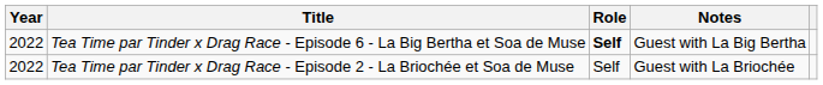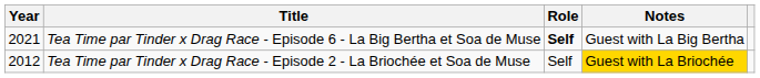 <table class="wikitable plainrowheaders sortable">
 <tr>
 <th scope="col">Year</th>
 <th scope="col">Title</th>
 <th scope="col">Role</th>
 <th scope="col">Notes</th>
 <th class="unsortable" style="text-align: center;"></th>
 </tr>
 <tr>
-<td>2022</td>
+<td>2021</td>
 <td><em>Tea Time par Tinder x Drag Race</em> - Episode 6 - La Big Bertha et Soa de Muse</td>
 <td><strong>Self</strong></td>
 <td>Guest with La Big Bertha</td>
 <td></td>
 </tr>
 <tr>
-<td>2022</td>
+<td>2012</td>
 <td><em>Tea Time par Tinder x Drag Race</em> - Episode 2 - La Briochée et Soa de Muse</td>
 <td>Self</td>
-<td>Guest with La Briochée</td>
+<td style="background: gold;">Guest with La Briochée</td>
 <td style="text-align: center;"></td>
 </tr>
 </table>
